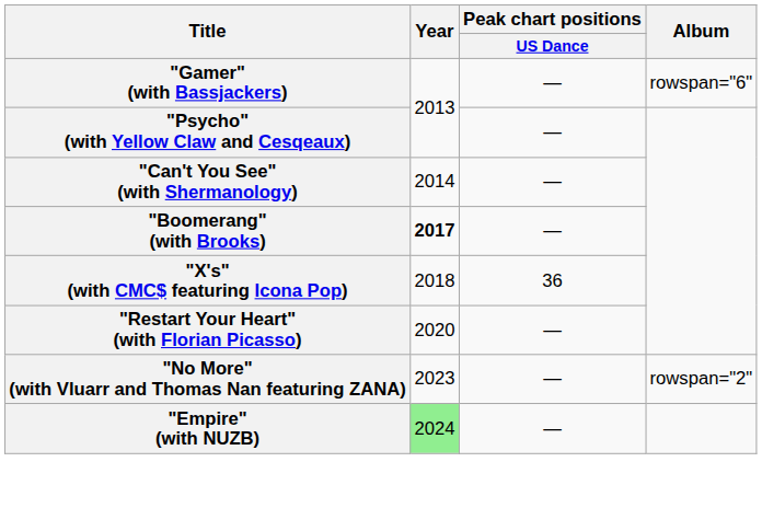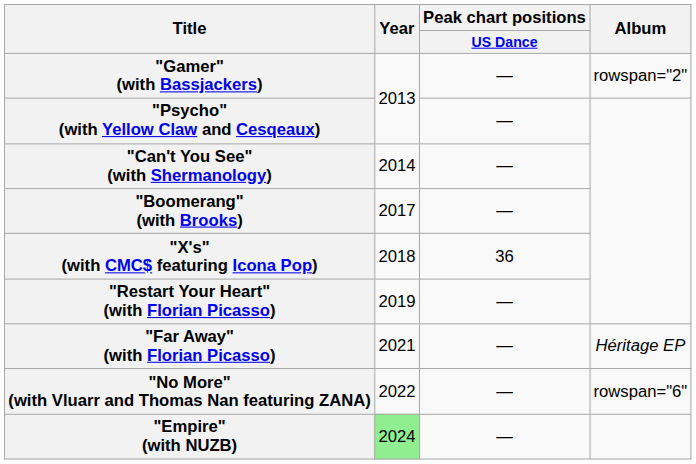 <table class="wikitable plainrowheaders" style="text-align:center;">
 <tr>
 <th rowspan="2">Title</th>
 <th rowspan="2">Year</th>
 <th>Peak chart positions</th>
 <th rowspan="2">Album</th>
 </tr>
 <tr>
 <th scope="col" style="font-size:85%;"><a href='#'>US Dance</a><br></th>
 </tr>
 <tr>
 <th scope="row">"Gamer"<br><span>(with <a href='#'>Bassjackers</a>)</span></th>
 <td rowspan="2">2013</td>
 <td>―</td>
-<td>rowspan="6" </td>
+<td>rowspan="2" </td>
 </tr>
 <tr>
 <th scope="row">"Psycho"<br><span>(with <a href='#'>Yellow Claw</a> and <a href='#'>Cesqeaux</a>)</span></th>
 <td>―</td>
 </tr>
 <tr>
 <th scope="row">"Can't You See"<br><span>(with <a href='#'>Shermanology</a>)</span></th>
 <td>2014</td>
 <td>―</td>
 </tr>
 <tr>
 <th scope="row">"Boomerang"<br><span>(with <a href='#'>Brooks</a>)</span></th>
-<td><strong>2017</strong></td>
+<td>2017</td>
 <td>―</td>
 </tr>
 <tr>
 <th scope="row">"X's" <br><span>(with <a href='#'>CMC$</a> featuring <a href='#'>Icona Pop</a>)</span></th>
 <td>2018</td>
 <td>36</td>
 </tr>
 <tr>
 <th scope="row">"Restart Your Heart" <br><span>(with <a href='#'>Florian Picasso</a>)</span></th>
-<td>2020</td>
+<td>2019</td>
 <td>—</td>
 </tr>
 <tr>
+<th scope="row">"Far Away" <br><span>(with <a href='#'>Florian Picasso</a>)</span></th>
+<td>2021</td>
+<td>—</td>
+<td><em>Héritage EP</em></td>
+</tr>
+<tr>
 <th scope="row">"No More" <br><span>(with Vluarr and Thomas Nan featuring ZANA)</span></th>
-<td>2023</td>
+<td>2022</td>
 <td>—</td>
-<td>rowspan="2" </td>
+<td>rowspan="6" </td>
 </tr>
 <tr>
 <th scope="row">"Empire" <br><span>(with NUZB)</span></th>
 <td style="background: lightgreen;">2024</td>
 <td>—</td>
 </tr>
 </table>
